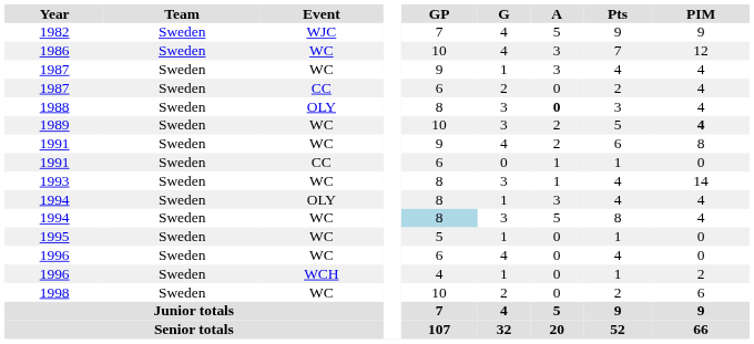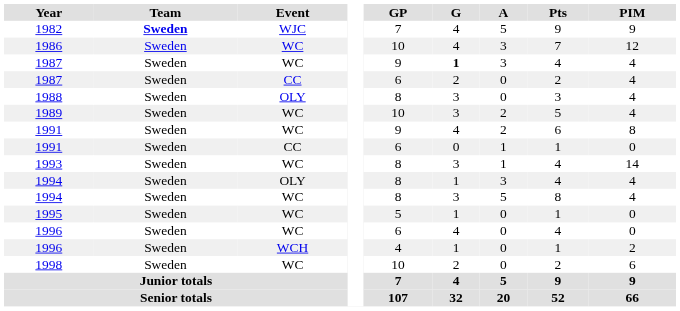 <table border="0" cellpadding="1" cellspacing="0" style="text-align:center; width:50em">
 <tr ALIGN="center" bgcolor="#e0e0e0">
 <th>Year</th>
 <th>Team</th>
 <th>Event</th>
 <th rowspan="99" bgcolor="#ffffff"> </th>
 <th>GP</th>
 <th>G</th>
 <th>A</th>
 <th>Pts</th>
 <th>PIM</th>
 </tr>
 <tr>
 <td><a href='#'>1982</a></td>
-<td><a href='#'>Sweden</a></td>
+<td><strong><a href='#'>Sweden</a></strong></td>
 <td><a href='#'>WJC</a></td>
 <td>7</td>
 <td>4</td>
 <td>5</td>
 <td>9</td>
 <td>9</td>
 </tr>
 <tr bgcolor="#f0f0f0">
 <td><a href='#'>1986</a></td>
 <td><a href='#'>Sweden</a></td>
 <td><a href='#'>WC</a></td>
 <td>10</td>
 <td>4</td>
 <td>3</td>
 <td>7</td>
 <td>12</td>
 </tr>
 <tr>
 <td><a href='#'>1987</a></td>
 <td>Sweden</td>
 <td>WC</td>
 <td>9</td>
-<td>1</td>
+<td><strong>1</strong></td>
 <td>3</td>
 <td>4</td>
 <td>4</td>
 </tr>
 <tr bgcolor="#f0f0f0">
 <td><a href='#'>1987</a></td>
 <td>Sweden</td>
 <td><a href='#'>CC</a></td>
 <td>6</td>
 <td>2</td>
 <td>0</td>
 <td>2</td>
 <td>4</td>
 </tr>
 <tr>
 <td><a href='#'>1988</a></td>
 <td>Sweden</td>
 <td><a href='#'>OLY</a></td>
 <td>8</td>
 <td>3</td>
-<td><strong>0</strong></td>
+<td>0</td>
 <td>3</td>
 <td>4</td>
 </tr>
 <tr bgcolor="#f0f0f0">
 <td><a href='#'>1989</a></td>
 <td>Sweden</td>
 <td>WC</td>
 <td>10</td>
 <td>3</td>
 <td>2</td>
 <td>5</td>
-<td><strong>4</strong></td>
+<td>4</td>
 </tr>
 <tr>
 <td><a href='#'>1991</a></td>
 <td>Sweden</td>
 <td>WC</td>
 <td>9</td>
 <td>4</td>
 <td>2</td>
 <td>6</td>
 <td>8</td>
 </tr>
 <tr bgcolor="#f0f0f0">
 <td><a href='#'>1991</a></td>
 <td>Sweden</td>
 <td>CC</td>
 <td>6</td>
 <td>0</td>
 <td>1</td>
 <td>1</td>
 <td>0</td>
 </tr>
 <tr>
 <td><a href='#'>1993</a></td>
 <td>Sweden</td>
 <td>WC</td>
 <td>8</td>
 <td>3</td>
 <td>1</td>
 <td>4</td>
 <td>14</td>
 </tr>
 <tr bgcolor="#f0f0f0">
 <td><a href='#'>1994</a></td>
 <td>Sweden</td>
 <td>OLY</td>
 <td>8</td>
 <td>1</td>
 <td>3</td>
 <td>4</td>
 <td>4</td>
 </tr>
 <tr>
 <td><a href='#'>1994</a></td>
 <td>Sweden</td>
 <td>WC</td>
-<td style="background: lightblue;">8</td>
+<td>8</td>
 <td>3</td>
 <td>5</td>
 <td>8</td>
 <td>4</td>
 </tr>
 <tr bgcolor="#f0f0f0">
 <td><a href='#'>1995</a></td>
 <td>Sweden</td>
 <td>WC</td>
 <td>5</td>
 <td>1</td>
 <td>0</td>
 <td>1</td>
 <td>0</td>
 </tr>
 <tr>
 <td><a href='#'>1996</a></td>
 <td>Sweden</td>
 <td>WC</td>
 <td>6</td>
 <td>4</td>
 <td>0</td>
 <td>4</td>
 <td>0</td>
 </tr>
 <tr bgcolor="#f0f0f0">
 <td><a href='#'>1996</a></td>
 <td>Sweden</td>
 <td><a href='#'>WCH</a></td>
 <td>4</td>
 <td>1</td>
 <td>0</td>
 <td>1</td>
 <td>2</td>
 </tr>
 <tr>
 <td><a href='#'>1998</a></td>
 <td>Sweden</td>
 <td>WC</td>
 <td>10</td>
 <td>2</td>
 <td>0</td>
 <td>2</td>
 <td>6</td>
 </tr>
 <tr bgcolor="#e0e0e0">
 <th colspan=3>Junior totals</th>
 <th>7</th>
 <th>4</th>
 <th>5</th>
 <th>9</th>
 <th>9</th>
 </tr>
 <tr bgcolor="#e0e0e0">
 <th colspan=3>Senior totals</th>
 <th>107</th>
 <th>32</th>
 <th>20</th>
 <th>52</th>
 <th>66</th>
 </tr>
 </table>
